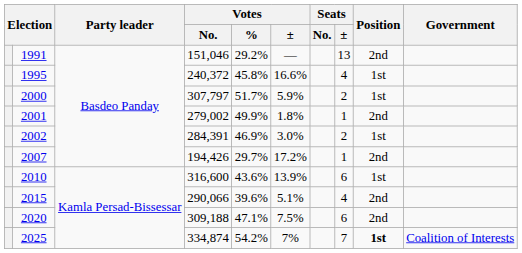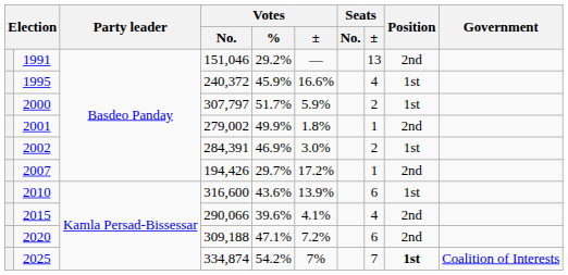 <table class="wikitable" style="text-align:center">
 <tr>
 <th colspan="2" rowspan="2"><strong>Election</strong></th>
 <th rowspan="2"><strong>Party leader</strong></th>
 <th colspan="3">Votes</th>
 <th colspan="2">Seats</th>
 <th rowspan="2"><strong>Position</strong></th>
 <th rowspan="2">Government</th>
 </tr>
 <tr>
 <th>No.</th>
 <th><strong>%</strong></th>
 <th>±</th>
 <th><strong>No.</strong></th>
 <th>±</th>
 </tr>
 <tr>
 <th style="background-color: "></th>
 <td><a href='#'>1991</a></td>
 <td rowspan="6"><a href='#'>Basdeo Panday</a></td>
 <td>151,046</td>
 <td>29.2%</td>
 <td>—</td>
 <td></td>
 <td> 13</td>
 <td>2nd</td>
 <td></td>
 </tr>
 <tr>
 <th style="background-color: "></th>
 <td><a href='#'>1995</a></td>
 <td>240,372</td>
-<td>45.8%</td>
+<td>45.9%</td>
 <td> 16.6%</td>
 <td></td>
 <td> 4</td>
 <td> 1st</td>
 <td></td>
 </tr>
 <tr>
 <th style="background-color: "></th>
 <td><a href='#'>2000</a></td>
 <td>307,797</td>
 <td>51.7%</td>
 <td> 5.9%</td>
 <td></td>
 <td> 2</td>
 <td> 1st</td>
 <td></td>
 </tr>
 <tr>
 <th style="background-color: "></th>
 <td><a href='#'>2001</a></td>
 <td>279,002</td>
 <td>49.9%</td>
 <td> 1.8%</td>
 <td></td>
 <td> 1</td>
 <td> 2nd</td>
 <td></td>
 </tr>
 <tr>
 <th style="background-color: "></th>
 <td><a href='#'>2002</a></td>
 <td>284,391</td>
 <td>46.9%</td>
 <td> 3.0%</td>
 <td></td>
 <td> 2</td>
 <td> 1st</td>
 <td></td>
 </tr>
 <tr>
 <th style="background-color: "></th>
 <td><a href='#'>2007</a></td>
 <td>194,426</td>
 <td>29.7%</td>
 <td> 17.2%</td>
 <td></td>
 <td> 1</td>
 <td> 2nd</td>
 <td></td>
 </tr>
 <tr>
 <th style="background-color: "></th>
 <td><a href='#'>2010</a></td>
 <td rowspan="4"><a href='#'>Kamla Persad-Bissessar</a></td>
 <td>316,600</td>
 <td>43.6%</td>
 <td> 13.9%</td>
 <td></td>
 <td> 6</td>
 <td> 1st</td>
 <td></td>
 </tr>
 <tr>
 <th style="background-color: "></th>
 <td><a href='#'>2015</a></td>
 <td>290,066</td>
 <td>39.6%</td>
-<td> 5.1%</td>
+<td> 4.1%</td>
 <td></td>
 <td> 4</td>
 <td> 2nd</td>
 <td></td>
 </tr>
 <tr>
 <th style="background-color: "></th>
 <td><a href='#'>2020</a></td>
 <td>309,188</td>
 <td>47.1%</td>
-<td> 7.5%</td>
+<td> 7.2%</td>
 <td></td>
 <td> 6</td>
 <td> 2nd</td>
 <td></td>
 </tr>
 <tr>
 <th style="background-color: "></th>
 <td><a href='#'>2025</a></td>
 <td>334,874</td>
 <td>54.2%</td>
 <td> 7%</td>
 <td></td>
 <td> 7</td>
 <td><strong> 1st</strong></td>
 <td><a href='#'>Coalition of Interests</a></td>
 </tr>
 </table>
